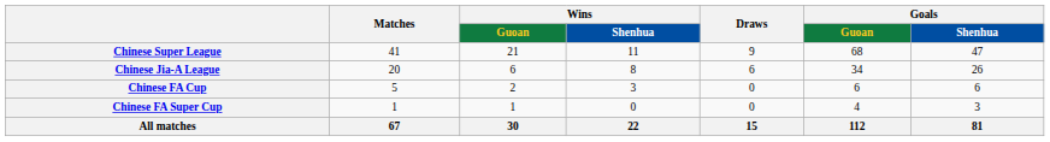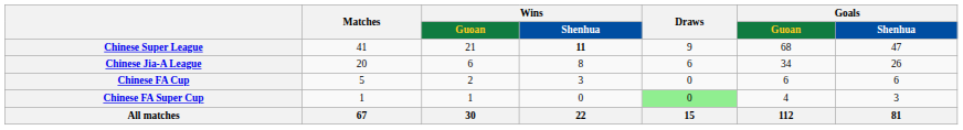 <table class="wikitable" style="font-size:85%; width: 99%; text-align: center;">
 <tr>
 <th rowspan="2"></th>
 <th rowspan="2">Matches</th>
 <th colspan="2">Wins</th>
 <th rowspan="2">Draws</th>
 <th colspan="2">Goals</th>
 </tr>
 <tr>
 <th style="color:#fbcc1e; background:#0f7b40;">Guoan</th>
 <th style="color:#ffffff; background:#004EA2; ">Shenhua</th>
 <th style="color:#fbcc1e; background:#0f7b40;">Guoan</th>
 <th style="color:#ffffff; background:#004EA2; ">Shenhua</th>
 </tr>
 <tr>
 <th scope="row"><a href='#'>Chinese Super League</a></th>
 <td>41</td>
 <td>21</td>
-<td>11</td>
+<td><strong>11</strong></td>
 <td>9</td>
 <td>68</td>
 <td>47</td>
 </tr>
 <tr>
 <th scope="row"><a href='#'>Chinese Jia-A League</a></th>
 <td>20</td>
 <td>6</td>
 <td>8</td>
 <td>6</td>
 <td>34</td>
 <td>26</td>
 </tr>
 <tr>
 <th><a href='#'>Chinese FA Cup</a></th>
 <td>5</td>
 <td>2</td>
 <td>3</td>
 <td>0</td>
 <td>6</td>
 <td>6</td>
 </tr>
 <tr>
 <th scope="row"><a href='#'>Chinese FA Super Cup</a></th>
 <td>1</td>
 <td>1</td>
 <td>0</td>
-<td>0</td>
+<td style="background: lightgreen;">0</td>
 <td>4</td>
 <td>3</td>
 </tr>
 <tr>
 <th scope="row">All matches</th>
 <th scope="row">67</th>
 <th>30</th>
 <th>22</th>
 <th>15</th>
 <th>112</th>
 <th>81</th>
 </tr>
 </table>
